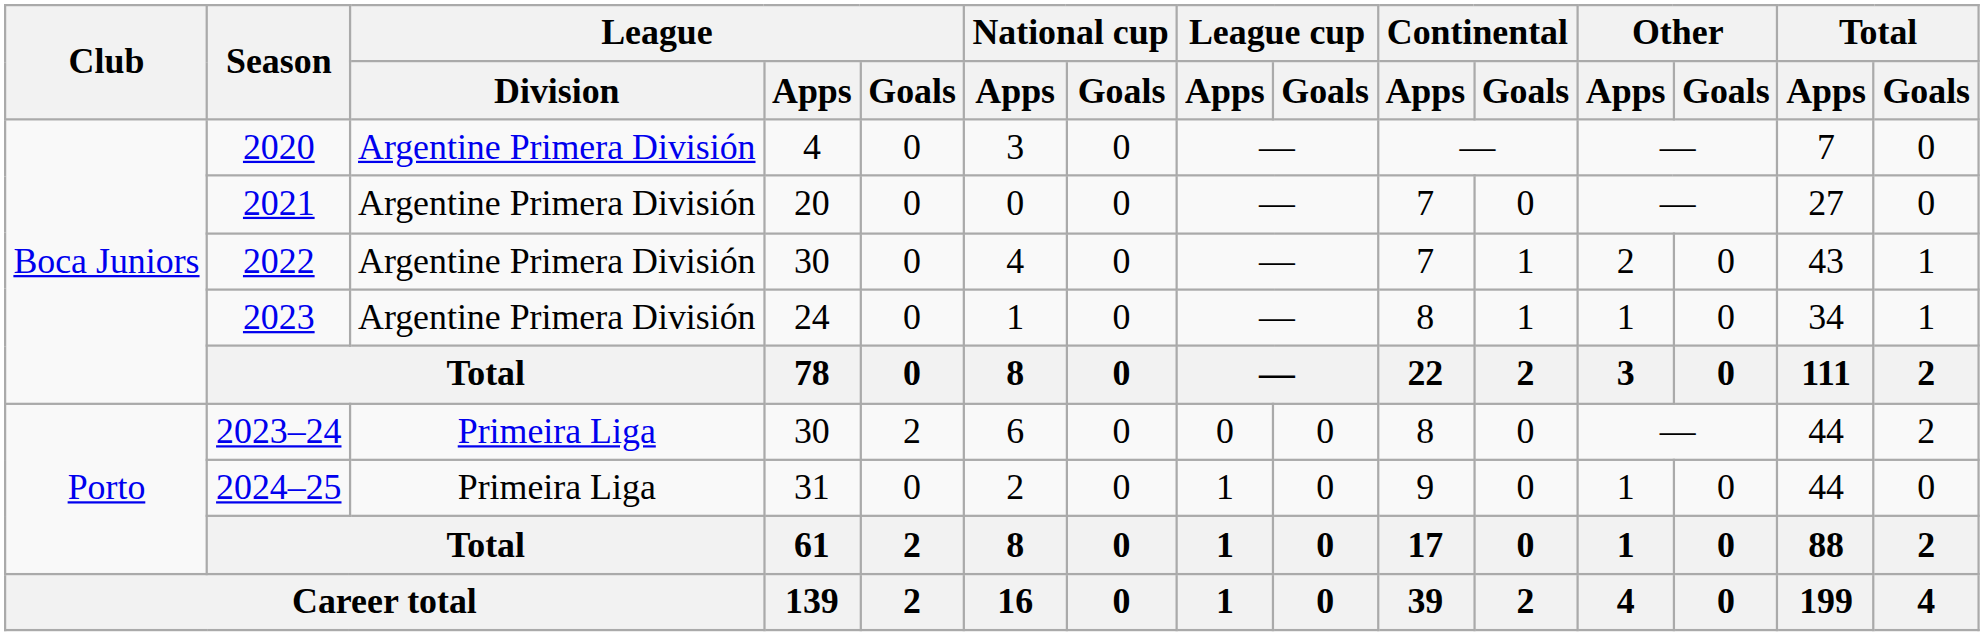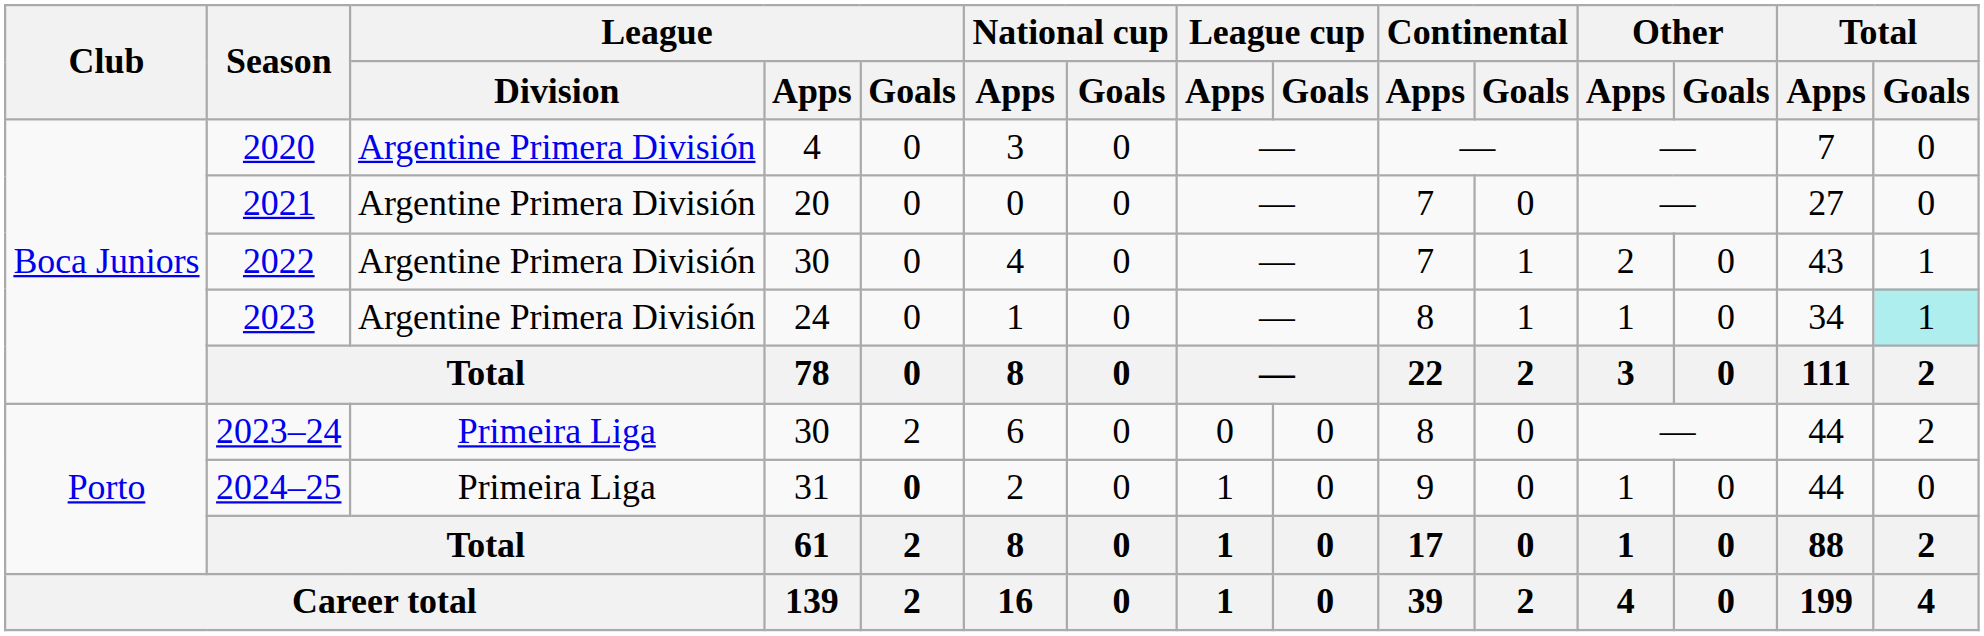 <table class="wikitable" style="text-align:center">
 <tr>
 <th rowspan="2">Club</th>
 <th rowspan="2">Season</th>
 <th colspan="3">League</th>
 <th colspan="2">National cup</th>
 <th colspan="2">League cup</th>
 <th colspan="2">Continental</th>
 <th colspan="2">Other</th>
 <th colspan="2">Total</th>
 </tr>
 <tr>
 <th>Division</th>
 <th>Apps</th>
 <th>Goals</th>
 <th>Apps</th>
 <th>Goals</th>
 <th>Apps</th>
 <th>Goals</th>
 <th>Apps</th>
 <th>Goals</th>
 <th>Apps</th>
 <th>Goals</th>
 <th>Apps</th>
 <th>Goals</th>
 </tr>
 <tr>
 <td rowspan="5"><a href='#'>Boca Juniors</a></td>
 <td><a href='#'>2020</a></td>
 <td><a href='#'>Argentine Primera División</a></td>
 <td>4</td>
 <td>0</td>
 <td>3</td>
 <td>0</td>
 <td colspan="2">—</td>
 <td colspan="2">—</td>
 <td colspan="2">—</td>
 <td>7</td>
 <td>0</td>
 </tr>
 <tr>
 <td><a href='#'>2021</a></td>
 <td>Argentine Primera División</td>
 <td>20</td>
 <td>0</td>
 <td>0</td>
 <td>0</td>
 <td colspan="2">—</td>
 <td>7</td>
 <td>0</td>
 <td colspan="2">—</td>
 <td>27</td>
 <td>0</td>
 </tr>
 <tr>
 <td><a href='#'>2022</a></td>
 <td>Argentine Primera División</td>
 <td>30</td>
 <td>0</td>
 <td>4</td>
 <td>0</td>
 <td colspan="2">—</td>
 <td>7</td>
 <td>1</td>
 <td>2</td>
 <td>0</td>
 <td>43</td>
 <td>1</td>
 </tr>
 <tr>
 <td><a href='#'>2023</a></td>
 <td>Argentine Primera División</td>
 <td>24</td>
 <td>0</td>
 <td>1</td>
 <td>0</td>
 <td colspan="2">—</td>
 <td>8</td>
 <td>1</td>
 <td>1</td>
 <td>0</td>
 <td>34</td>
-<td>1</td>
+<td style="background: paleturquoise;">1</td>
 </tr>
 <tr>
 <th colspan="2">Total</th>
 <th>78</th>
 <th>0</th>
 <th>8</th>
 <th>0</th>
 <th colspan="2">—</th>
 <th>22</th>
 <th>2</th>
 <th>3</th>
 <th>0</th>
 <th>111</th>
 <th>2</th>
 </tr>
 <tr>
 <td rowspan="3"><a href='#'>Porto</a></td>
 <td><a href='#'>2023–24</a></td>
 <td><a href='#'>Primeira Liga</a></td>
 <td>30</td>
 <td>2</td>
 <td>6</td>
 <td>0</td>
 <td>0</td>
 <td>0</td>
 <td>8</td>
 <td>0</td>
 <td colspan="2">—</td>
 <td>44</td>
 <td>2</td>
 </tr>
 <tr>
 <td><a href='#'>2024–25</a></td>
 <td>Primeira Liga</td>
 <td>31</td>
-<td>0</td>
+<td><strong>0</strong></td>
 <td>2</td>
 <td>0</td>
 <td>1</td>
 <td>0</td>
 <td>9</td>
 <td>0</td>
 <td>1</td>
 <td>0</td>
 <td>44</td>
 <td>0</td>
 </tr>
 <tr>
 <th colspan="2">Total</th>
 <th>61</th>
 <th>2</th>
 <th>8</th>
 <th>0</th>
 <th>1</th>
 <th>0</th>
 <th>17</th>
 <th>0</th>
 <th>1</th>
 <th>0</th>
 <th>88</th>
 <th>2</th>
 </tr>
 <tr>
 <th colspan="3">Career total</th>
 <th>139</th>
 <th>2</th>
 <th>16</th>
 <th>0</th>
 <th>1</th>
 <th>0</th>
 <th>39</th>
 <th>2</th>
 <th>4</th>
 <th>0</th>
 <th>199</th>
 <th>4</th>
 </tr>
 </table>
